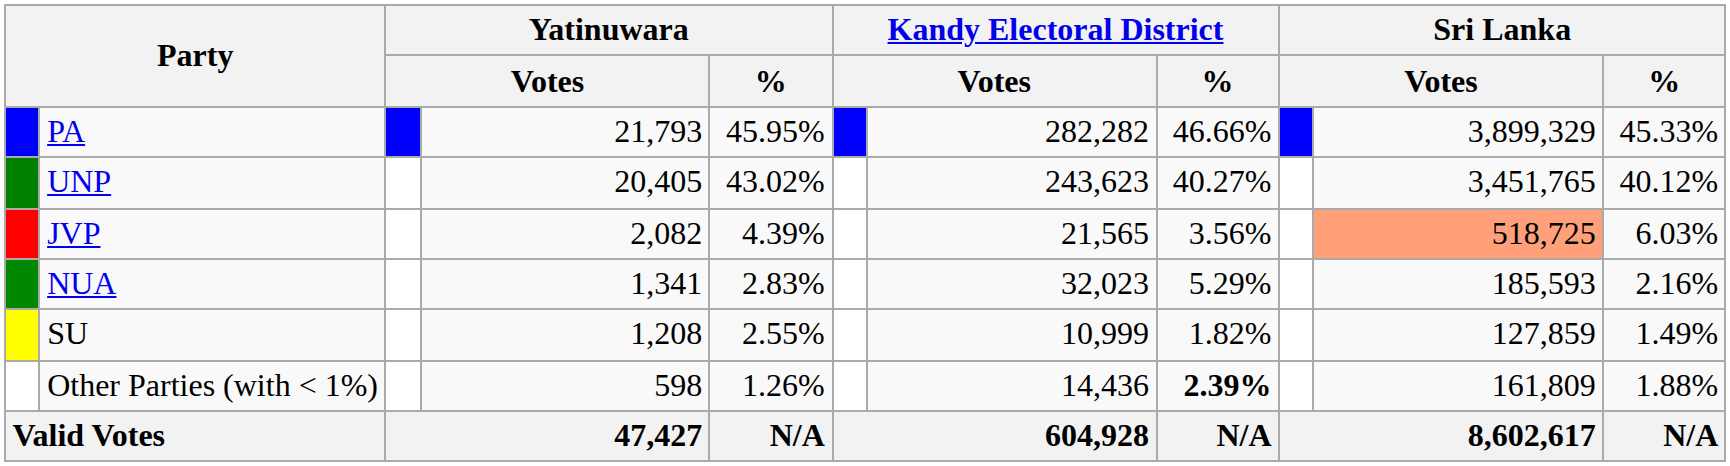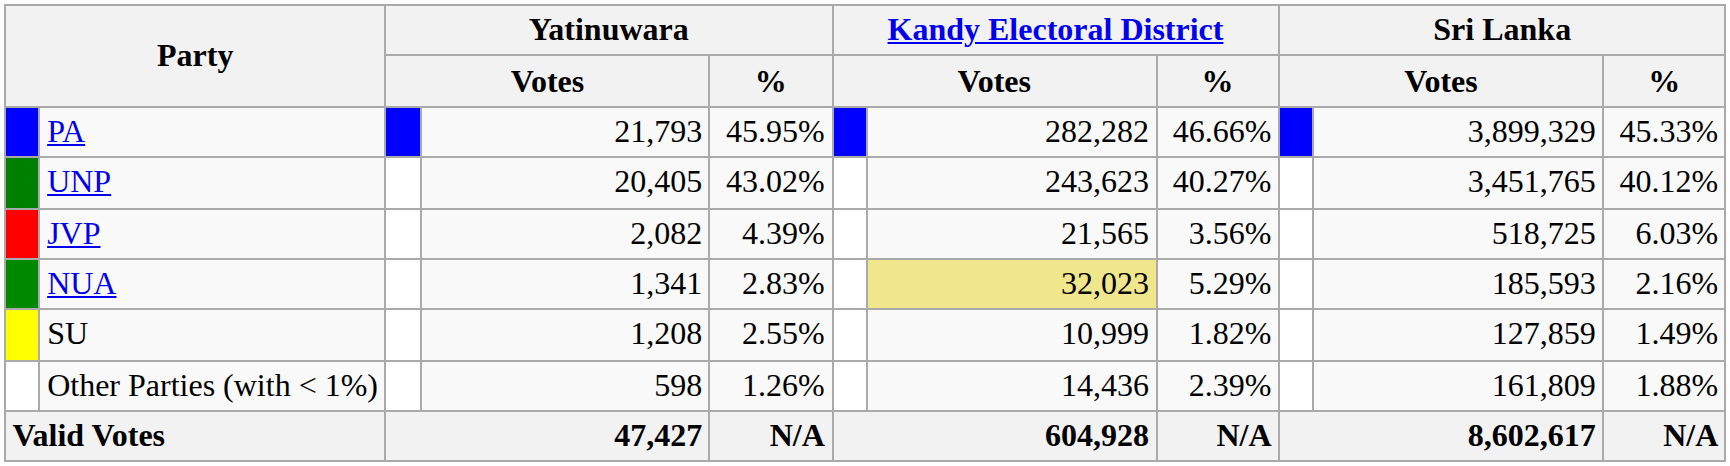 <table class="wikitable">
 <tr>
 <th colspan="2" width="144px"rowspan="2">Party</th>
 <th colspan="3" width="216px">Yatinuwara</th>
 <th colspan="3" width="216px"><a href='#'>Kandy Electoral District</a></th>
 <th colspan="3" width="216px">Sri Lanka</th>
 </tr>
 <tr>
 <th colspan="2" width="144px">Votes</th>
 <th>%</th>
 <th colspan="2" width="144px">Votes</th>
 <th>%</th>
 <th colspan="2" width="144px">Votes</th>
 <th>%</th>
 </tr>
 <tr>
 <td style="background-color:blue;" width="10px"></td>
 <td style="text-align:left;"><a href='#'>PA</a></td>
 <td style="background-color:blue;" width="10px"></td>
 <td style="text-align:right;">21,793</td>
 <td style="text-align:right;">45.95%</td>
 <td style="background-color:blue;" width="10px"></td>
 <td style="text-align:right;">282,282</td>
 <td style="text-align:right;">46.66%</td>
 <td style="background-color:blue;" width="10px"></td>
 <td style="text-align:right;">3,899,329</td>
 <td style="text-align:right;">45.33%</td>
 </tr>
 <tr>
 <td style="background-color:green;" width="10px"></td>
 <td style="text-align:left;"><a href='#'>UNP</a></td>
 <td style="background-color:white;" width="10px"></td>
 <td style="text-align:right;">20,405</td>
 <td style="text-align:right;">43.02%</td>
 <td style="background-color:white;" width="10px"></td>
 <td style="text-align:right;">243,623</td>
 <td style="text-align:right;">40.27%</td>
 <td style="background-color:white;" width="10px"></td>
 <td style="text-align:right;">3,451,765</td>
 <td style="text-align:right;">40.12%</td>
 </tr>
 <tr>
 <td style="background-color:red;" width="10px"></td>
 <td style="text-align:left;"><a href='#'>JVP</a></td>
 <td style="background-color:white;" width="10px"></td>
 <td style="text-align:right;">2,082</td>
 <td style="text-align:right;">4.39%</td>
 <td style="background-color:white;" width="10px"></td>
 <td style="text-align:right;">21,565</td>
 <td style="text-align:right;">3.56%</td>
 <td style="background-color:white;" width="10px"></td>
-<td style="background: lightsalmon; text-align:right;">518,725</td>
+<td style="text-align:right;">518,725</td>
 <td style="text-align:right;">6.03%</td>
 </tr>
 <tr>
 <td style="background-color:#008800;" width="10px"></td>
 <td style="text-align:left;"><a href='#'>NUA</a></td>
 <td style="background-color:white;" width="10px"></td>
 <td style="text-align:right;">1,341</td>
 <td style="text-align:right;">2.83%</td>
 <td style="background-color:white;" width="10px"></td>
-<td style="text-align:right;">32,023</td>
+<td style="background: khaki; text-align:right;">32,023</td>
 <td style="text-align:right;">5.29%</td>
 <td style="background-color:white;" width="10px"></td>
 <td style="text-align:right;">185,593</td>
 <td style="text-align:right;">2.16%</td>
 </tr>
 <tr>
 <td style="background-color:yellow;" width="10px"></td>
 <td style="text-align:left;">SU</td>
 <td style="background-color:white;" width="10px"></td>
 <td style="text-align:right;">1,208</td>
 <td style="text-align:right;">2.55%</td>
 <td style="background-color:white;" width="10px"></td>
 <td style="text-align:right;">10,999</td>
 <td style="text-align:right;">1.82%</td>
 <td style="background-color:white;" width="10px"></td>
 <td style="text-align:right;">127,859</td>
 <td style="text-align:right;">1.49%</td>
 </tr>
 <tr>
 <td style="background-color:white;" width="10px"></td>
 <td style="text-align:left;">Other Parties (with < 1%)</td>
 <td style="background-color:white;" width="10px"></td>
 <td style="text-align:right;">598</td>
 <td style="text-align:right;">1.26%</td>
 <td style="background-color:white;" width="10px"></td>
 <td style="text-align:right;">14,436</td>
-<td style="text-align:right;"><strong>2.39%</strong></td>
+<td style="text-align:right;">2.39%</td>
 <td style="background-color:white;" width="10px"></td>
 <td style="text-align:right;">161,809</td>
 <td style="text-align:right;">1.88%</td>
 </tr>
 <tr>
 <th colspan="2" width="144px"style="text-align:left;">Valid Votes</th>
 <th style="text-align:right;"colspan="2" width="144px">47,427</th>
 <th style="text-align:right;">N/A</th>
 <th style="text-align:right;"colspan="2" width="144px">604,928</th>
 <th style="text-align:right;">N/A</th>
 <th style="text-align:right;"colspan="2" width="144px">8,602,617</th>
 <th style="text-align:right;">N/A</th>
 </tr>
 </table>
